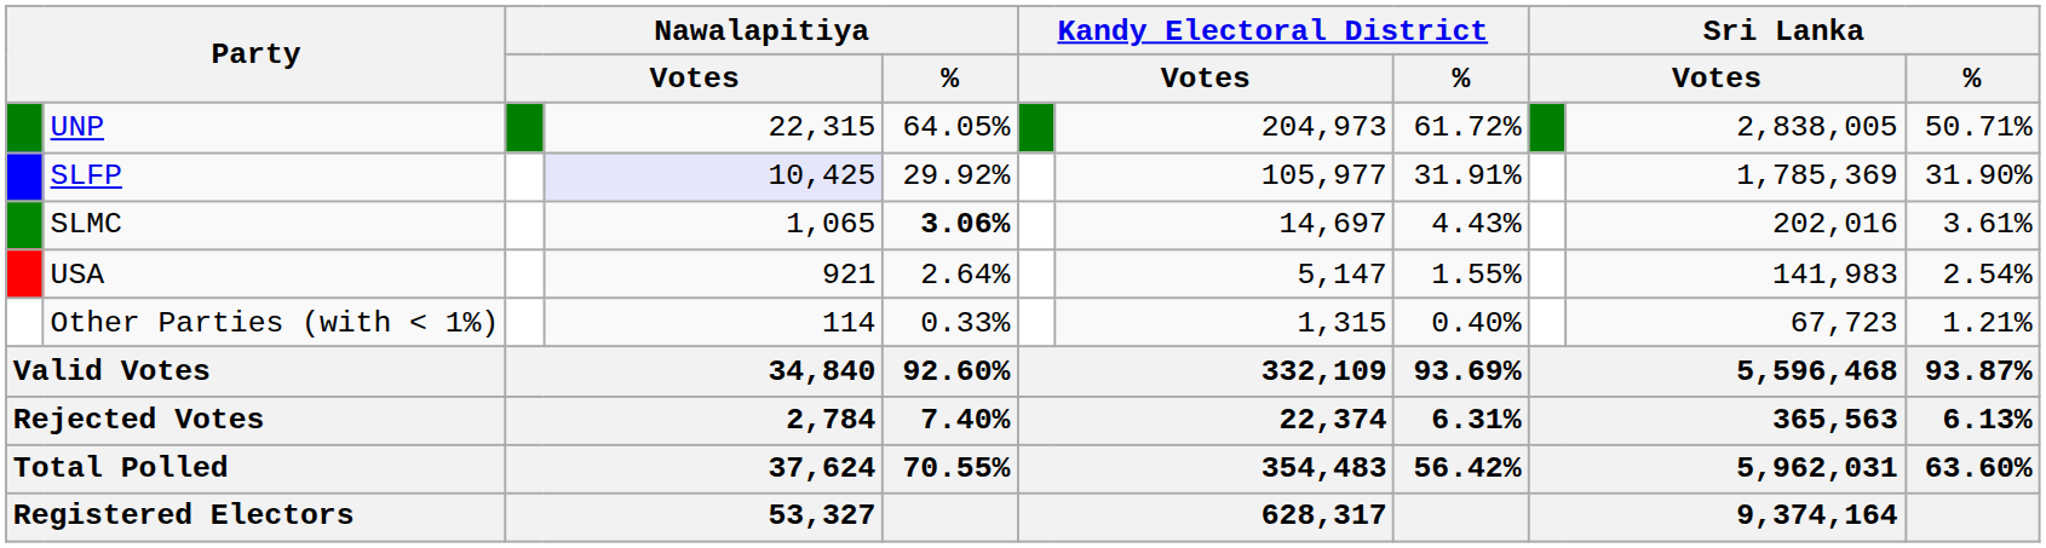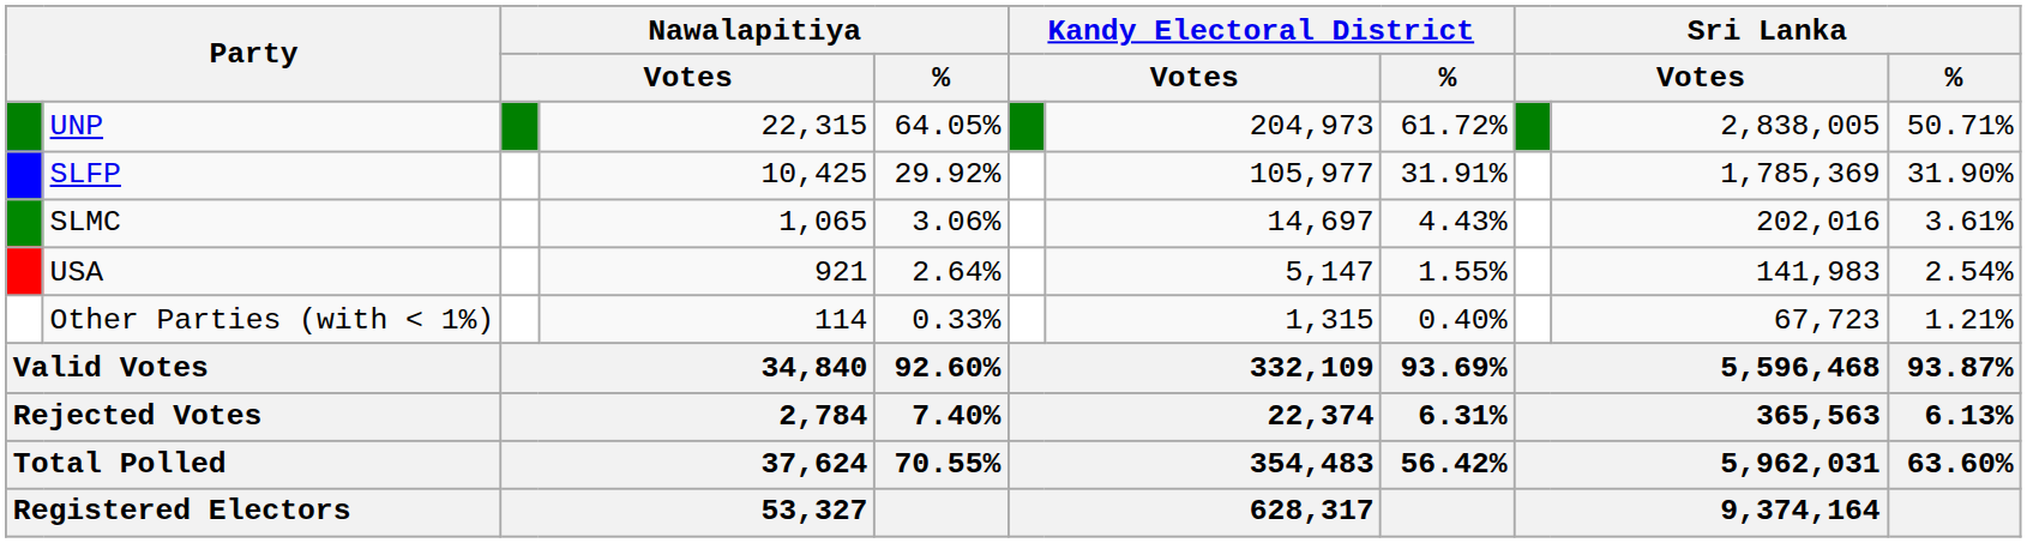 <table class="wikitable">
 <tr>
 <th colspan="2" width="144px"rowspan="2">Party</th>
 <th colspan="3" width="216px">Nawalapitiya</th>
 <th colspan="3" width="216px"><a href='#'>Kandy Electoral District</a></th>
 <th colspan="3" width="216px">Sri Lanka</th>
 </tr>
 <tr>
 <th colspan="2" width="144px">Votes</th>
 <th>%</th>
 <th colspan="2" width="144px">Votes</th>
 <th>%</th>
 <th colspan="2" width="144px">Votes</th>
 <th>%</th>
 </tr>
 <tr>
 <td style="background-color:green;" width="10px"></td>
 <td style="text-align:left;"><a href='#'>UNP</a></td>
 <td style="background-color:green;" width="10px"></td>
 <td style="text-align:right;">22,315</td>
 <td style="text-align:right;">64.05%</td>
 <td style="background-color:green;" width="10px"></td>
 <td style="text-align:right;">204,973</td>
 <td style="text-align:right;">61.72%</td>
 <td style="background-color:green;" width="10px"></td>
 <td style="text-align:right;">2,838,005</td>
 <td style="text-align:right;">50.71%</td>
 </tr>
 <tr>
 <td style="background-color:blue;" width="10px"></td>
 <td style="text-align:left;"><a href='#'>SLFP</a></td>
 <td style="background-color:white;" width="10px"></td>
-<td style="background: lavender; text-align:right;">10,425</td>
+<td style="text-align:right;">10,425</td>
 <td style="text-align:right;">29.92%</td>
 <td style="background-color:white;" width="10px"></td>
 <td style="text-align:right;">105,977</td>
 <td style="text-align:right;">31.91%</td>
 <td style="background-color:white;" width="10px"></td>
 <td style="text-align:right;">1,785,369</td>
 <td style="text-align:right;">31.90%</td>
 </tr>
 <tr>
 <td style="background-color:#008800;" width="10px"></td>
 <td style="text-align:left;">SLMC</td>
 <td style="background-color:white;" width="10px"></td>
 <td style="text-align:right;">1,065</td>
-<td style="text-align:right;"><strong>3.06%</strong></td>
+<td style="text-align:right;">3.06%</td>
 <td style="background-color:white;" width="10px"></td>
 <td style="text-align:right;">14,697</td>
 <td style="text-align:right;">4.43%</td>
 <td style="background-color:white;" width="10px"></td>
 <td style="text-align:right;">202,016</td>
 <td style="text-align:right;">3.61%</td>
 </tr>
 <tr>
 <td style="background-color:red;" width="10px"></td>
 <td style="text-align:left;">USA</td>
 <td style="background-color:white;" width="10px"></td>
 <td style="text-align:right;">921</td>
 <td style="text-align:right;">2.64%</td>
 <td style="background-color:white;" width="10px"></td>
 <td style="text-align:right;">5,147</td>
 <td style="text-align:right;">1.55%</td>
 <td style="background-color:white;" width="10px"></td>
 <td style="text-align:right;">141,983</td>
 <td style="text-align:right;">2.54%</td>
 </tr>
 <tr>
 <td style="background-color:white;" width="10px"></td>
 <td style="text-align:left;">Other Parties (with < 1%)</td>
 <td style="background-color:white;" width="10px"></td>
 <td style="text-align:right;">114</td>
 <td style="text-align:right;">0.33%</td>
 <td style="background-color:white;" width="10px"></td>
 <td style="text-align:right;">1,315</td>
 <td style="text-align:right;">0.40%</td>
 <td style="background-color:white;" width="10px"></td>
 <td style="text-align:right;">67,723</td>
 <td style="text-align:right;">1.21%</td>
 </tr>
 <tr>
 <th colspan="2" width="144px"style="text-align:left;">Valid Votes</th>
 <th style="text-align:right;"colspan="2" width="144px">34,840</th>
 <th style="text-align:right;">92.60%</th>
 <th style="text-align:right;"colspan="2" width="144px">332,109</th>
 <th style="text-align:right;">93.69%</th>
 <th style="text-align:right;"colspan="2" width="144px">5,596,468</th>
 <th style="text-align:right;">93.87%</th>
 </tr>
 <tr>
 <th colspan="2" width="144px"style="text-align:left;">Rejected Votes</th>
 <th style="text-align:right;"colspan="2" width="144px">2,784</th>
 <th style="text-align:right;">7.40%</th>
 <th style="text-align:right;"colspan="2" width="144px">22,374</th>
 <th style="text-align:right;">6.31%</th>
 <th style="text-align:right;"colspan="2" width="144px">365,563</th>
 <th style="text-align:right;">6.13%</th>
 </tr>
 <tr>
 <th colspan="2" width="144px"style="text-align:left;">Total Polled</th>
 <th style="text-align:right;"colspan="2" width="144px">37,624</th>
 <th style="text-align:right;">70.55%</th>
 <th style="text-align:right;"colspan="2" width="144px">354,483</th>
 <th style="text-align:right;">56.42%</th>
 <th style="text-align:right;"colspan="2" width="144px">5,962,031</th>
 <th style="text-align:right;">63.60%</th>
 </tr>
 <tr>
 <th colspan="2" width="144px"style="text-align:left;">Registered Electors</th>
 <th style="text-align:right;"colspan="2" width="144px">53,327</th>
 <th></th>
 <th style="text-align:right;"colspan="2" width="144px">628,317</th>
 <th></th>
 <th style="text-align:right;"colspan="2" width="144px">9,374,164</th>
 <th></th>
 </tr>
 </table>
